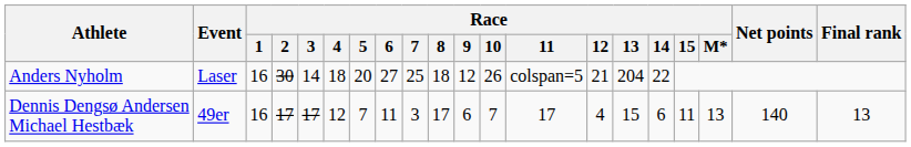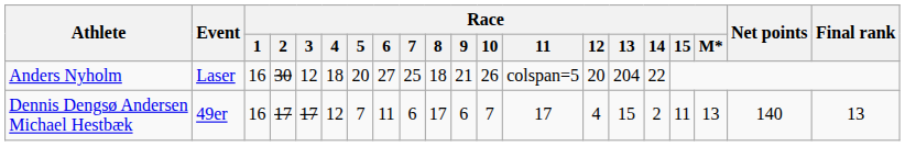 <table class="wikitable" style="font-size:90%">
 <tr>
 <th rowspan=2>Athlete</th>
 <th rowspan=2>Event</th>
 <th colspan=16>Race</th>
 <th rowspan=2>Net points</th>
 <th rowspan=2>Final rank</th>
 </tr>
 <tr style="font-size:95%">
 <th>1</th>
 <th>2</th>
 <th>3</th>
 <th>4</th>
 <th>5</th>
 <th>6</th>
 <th>7</th>
 <th>8</th>
 <th>9</th>
 <th>10</th>
 <th>11</th>
 <th>12</th>
 <th>13</th>
 <th>14</th>
 <th>15</th>
 <th>M*</th>
 </tr>
 <tr align=center>
 <td align=left><a href='#'>Anders Nyholm</a></td>
 <td align=left><a href='#'>Laser</a></td>
 <td>16</td>
 <td><s>30</s></td>
-<td>14</td>
+<td>12</td>
 <td>18</td>
 <td>20</td>
 <td>27</td>
 <td>25</td>
 <td>18</td>
-<td>12</td>
+<td>21</td>
 <td>26</td>
 <td>colspan=5 </td>
-<td>21</td>
+<td>20</td>
 <td>204</td>
 <td>22</td>
 </tr>
 <tr align=center>
 <td align=left><a href='#'>Dennis Dengsø Andersen</a><br><a href='#'>Michael Hestbæk</a></td>
 <td align=left><a href='#'>49er</a></td>
 <td>16</td>
 <td><s>17</s></td>
 <td><s>17</s></td>
 <td>12</td>
 <td>7</td>
 <td>11</td>
-<td>3</td>
+<td>6</td>
 <td>17</td>
 <td>6</td>
 <td>7</td>
 <td>17</td>
 <td>4</td>
 <td>15</td>
-<td>6</td>
+<td>2</td>
 <td>11</td>
 <td>13</td>
 <td>140</td>
 <td>13</td>
 </tr>
 </table>
